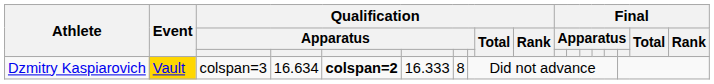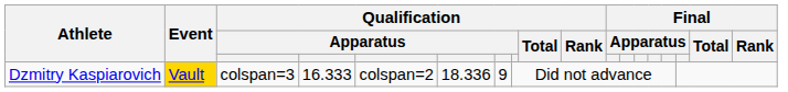 <table class="wikitable" style="font-size:90%">
 <tr>
 <th rowspan=3>Athlete</th>
 <th rowspan=3>Event</th>
 <th colspan =8>Qualification</th>
 <th colspan =8>Final</th>
 </tr>
 <tr style="font-size:95%">
 <th colspan=6>Apparatus</th>
 <th rowspan=2>Total</th>
 <th rowspan=2>Rank</th>
 <th colspan=6>Apparatus</th>
 <th rowspan=2>Total</th>
 <th rowspan=2>Rank</th>
 </tr>
 <tr style="font-size:95%">
 <th></th>
 <th></th>
 <th></th>
 <th></th>
 <th></th>
 <th></th>
 <th></th>
 <th></th>
 <th></th>
 <th></th>
 <th></th>
 <th></th>
 </tr>
 <tr align=center>
 <td align=left><a href='#'>Dzmitry Kaspiarovich</a></td>
 <td align=left style="background: gold;"><a href='#'>Vault</a></td>
 <td>colspan=3 </td>
-<td>16.634</td>
-<td><strong>colspan=2 </strong></td>
 <td>16.333</td>
-<td>8</td>
+<td>colspan=2 </td>
+<td>18.336</td>
+<td>9</td>
 <td colspan=8>Did not advance</td>
 </tr>
 </table>
